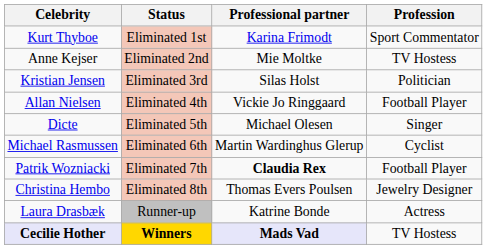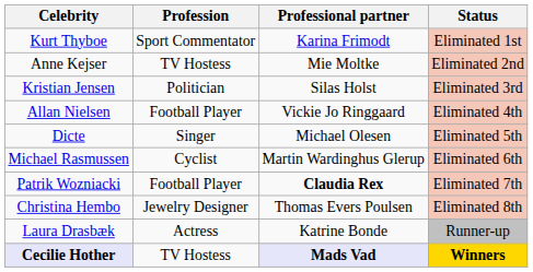 <table class= "wikitable sortable" style="text-align: center; margin:auto; align: center">
 <tr>
 <th>Celebrity</th>
+<th>Profession</th>
+<th>Professional partner</th>
 <th>Status</th>
-<th>Professional partner</th>
-<th>Profession</th>
 </tr>
 <tr>
 <td><a href='#'>Kurt Thyboe</a></td>
+<td>Sport Commentator</td>
+<td><a href='#'>Karina Frimodt</a></td>
 <td style="background:#f4c7b8;">Eliminated 1st</td>
-<td><a href='#'>Karina Frimodt</a></td>
-<td>Sport Commentator</td>
 </tr>
 <tr>
 <td>Anne Kejser</td>
+<td>TV Hostess</td>
+<td>Mie Moltke</td>
 <td style="background:#f4c7b8;">Eliminated 2nd</td>
-<td>Mie Moltke</td>
-<td>TV Hostess</td>
 </tr>
 <tr>
 <td><a href='#'>Kristian Jensen</a></td>
+<td>Politician</td>
+<td>Silas Holst</td>
 <td style="background:#f4c7b8;">Eliminated 3rd</td>
-<td>Silas Holst</td>
-<td>Politician</td>
 </tr>
 <tr>
 <td><a href='#'>Allan Nielsen</a></td>
+<td>Football Player</td>
+<td>Vickie Jo Ringgaard</td>
 <td style="background:#f4c7b8;">Eliminated 4th</td>
-<td>Vickie Jo Ringgaard</td>
-<td>Football Player</td>
 </tr>
 <tr>
 <td><a href='#'>Dicte</a></td>
+<td>Singer</td>
+<td>Michael Olesen</td>
 <td style="background:#f4c7b8;">Eliminated 5th</td>
-<td>Michael Olesen</td>
-<td>Singer</td>
 </tr>
 <tr>
 <td><a href='#'>Michael Rasmussen</a></td>
+<td>Cyclist</td>
+<td>Martin Wardinghus Glerup</td>
 <td style="background:#f4c7b8;">Eliminated 6th</td>
-<td>Martin Wardinghus Glerup</td>
-<td>Cyclist</td>
 </tr>
 <tr>
 <td><a href='#'>Patrik Wozniacki</a></td>
+<td>Football Player</td>
+<td><strong>Claudia Rex</strong></td>
 <td style="background:#f4c7b8;">Eliminated 7th</td>
-<td><strong>Claudia Rex</strong></td>
-<td>Football Player</td>
 </tr>
 <tr>
 <td><a href='#'>Christina Hembo</a></td>
+<td>Jewelry Designer</td>
+<td>Thomas Evers Poulsen</td>
 <td style="background:#f4c7b8;">Eliminated 8th</td>
-<td>Thomas Evers Poulsen</td>
-<td>Jewelry Designer</td>
 </tr>
 <tr>
 <td><a href='#'>Laura Drasbæk</a></td>
+<td>Actress</td>
+<td>Katrine Bonde</td>
 <td style="background:silver;">Runner-up</td>
-<td>Katrine Bonde</td>
-<td>Actress</td>
 </tr>
 <tr>
 <td style="background:lavender;"><strong>Cecilie Hother</strong></td>
+<td>TV Hostess</td>
+<td style="background:lavender;"><strong>Mads Vad</strong></td>
 <td style="background:gold;"><strong>Winners</strong></td>
-<td style="background:lavender;"><strong>Mads Vad</strong></td>
-<td>TV Hostess</td>
 </tr>
 </table>
